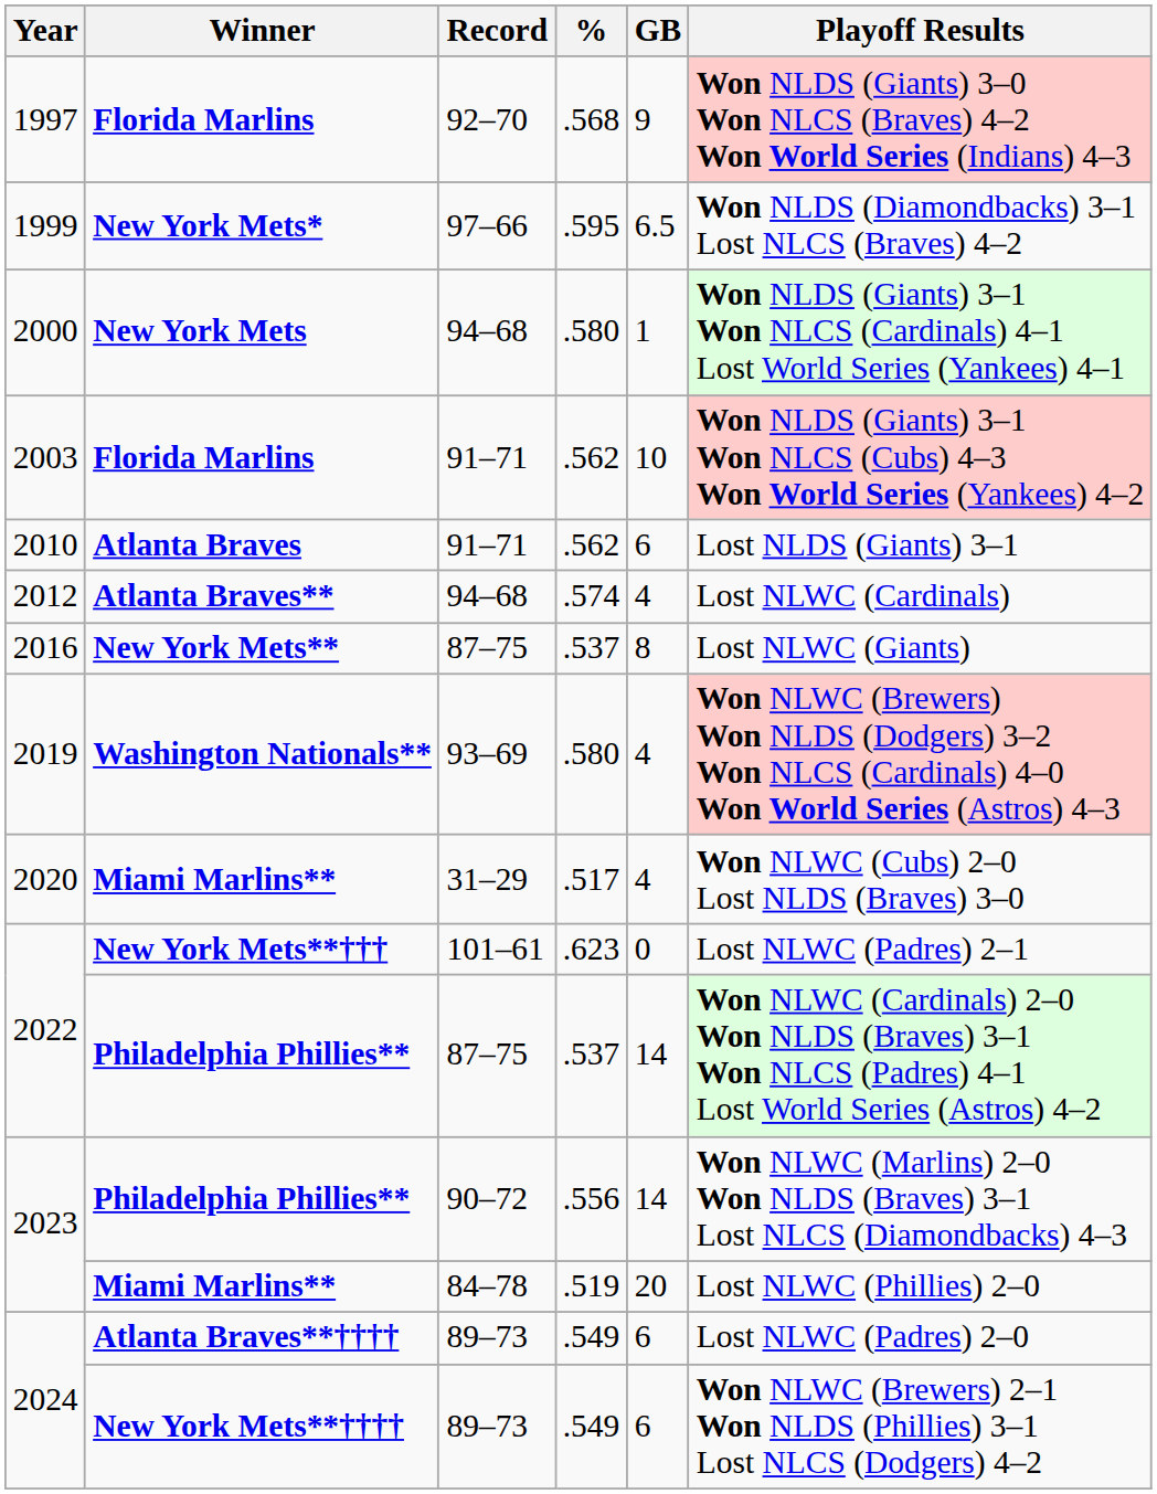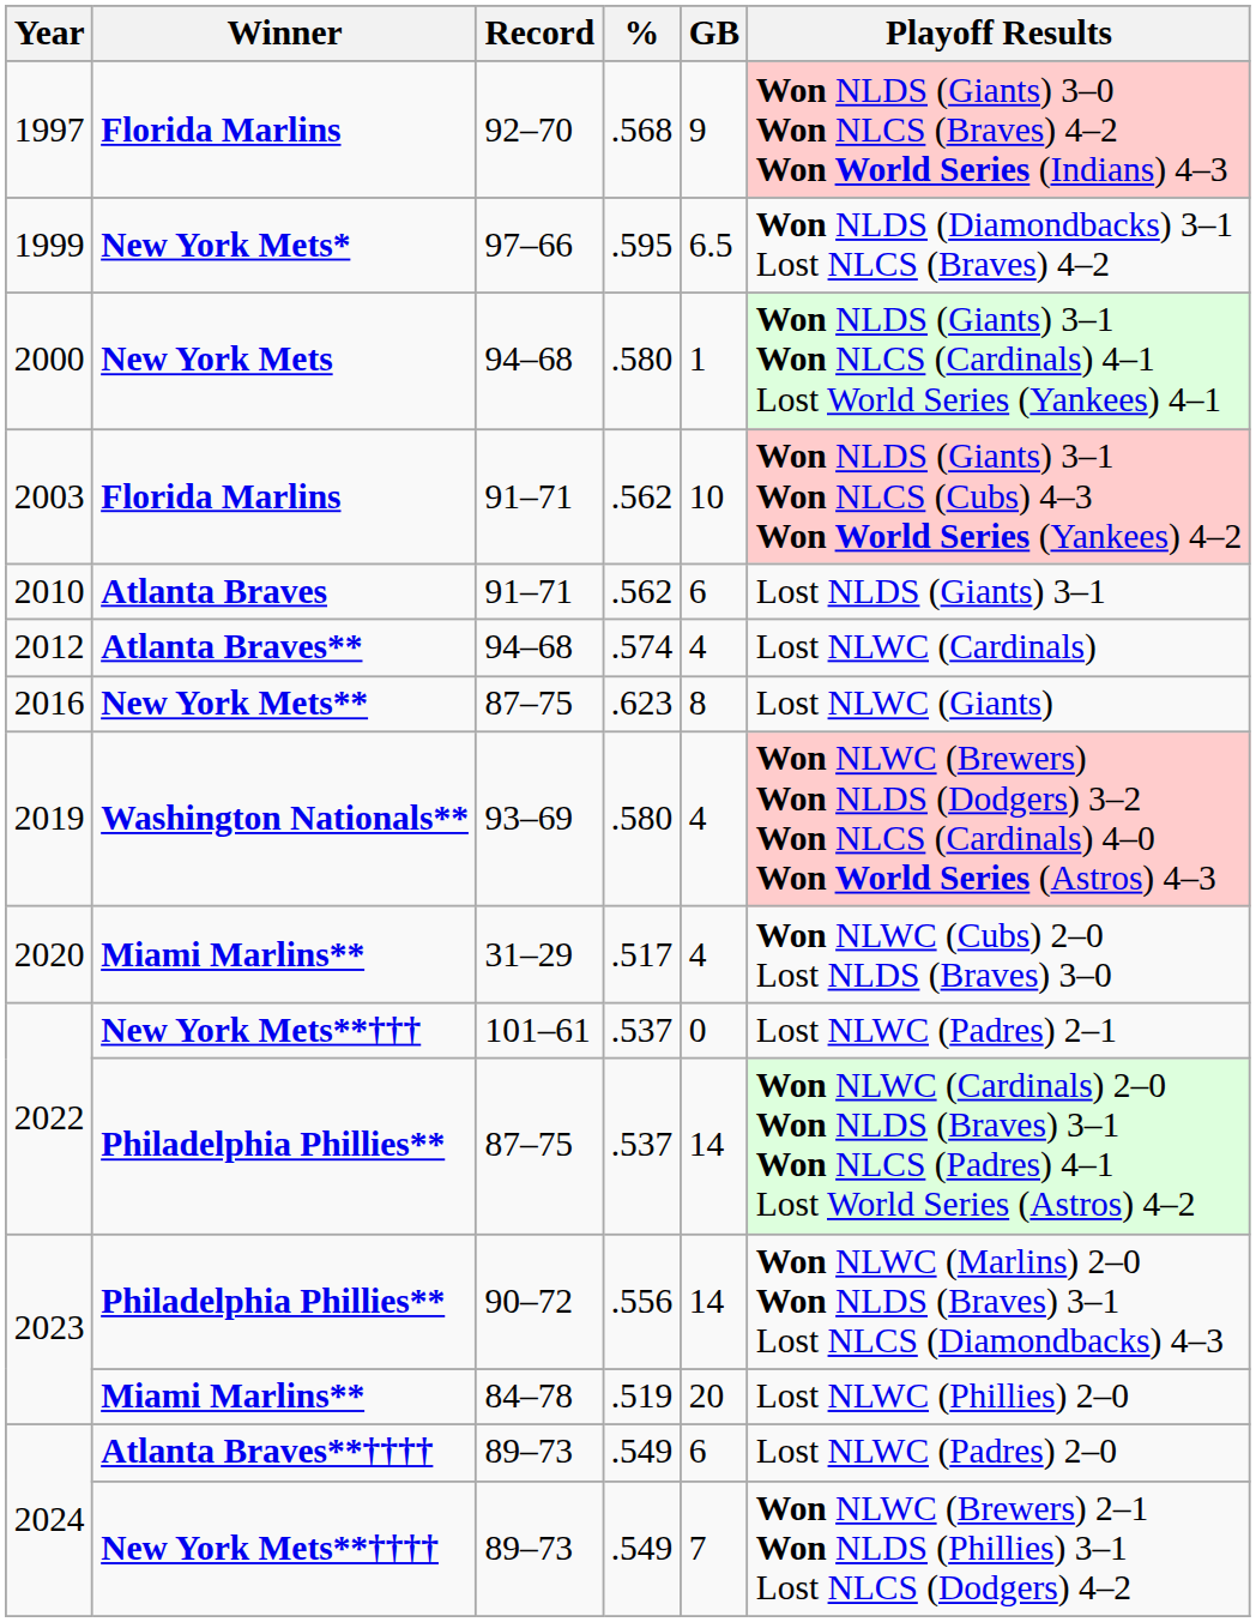 <table class="wikitable">
 <tr>
 <th>Year</th>
 <th>Winner</th>
 <th>Record</th>
 <th>%</th>
 <th>GB</th>
 <th>Playoff Results</th>
 </tr>
 <tr>
 <td>1997</td>
 <td><strong><a href='#'><span>Florida Marlins</span></a></strong></td>
 <td>92–70</td>
 <td>.568</td>
 <td>9</td>
 <td bgcolor="#ffcccc"><strong>Won</strong> <a href='#'>NLDS</a> (<a href='#'>Giants</a>) 3–0<br><strong>Won</strong> <a href='#'>NLCS</a> (<a href='#'>Braves</a>) 4–2<br><strong>Won <a href='#'>World Series</a></strong> (<a href='#'>Indians</a>) 4–3</td>
 </tr>
 <tr>
 <td>1999</td>
 <td><strong><a href='#'><span>New York Mets*</span></a></strong></td>
 <td>97–66</td>
 <td>.595</td>
 <td>6.5</td>
 <td><strong>Won</strong> <a href='#'>NLDS</a> (<a href='#'>Diamondbacks</a>) 3–1<br>Lost <a href='#'>NLCS</a> (<a href='#'>Braves</a>) 4–2</td>
 </tr>
 <tr>
 <td>2000</td>
 <td><strong><a href='#'><span>New York Mets</span></a></strong></td>
 <td>94–68</td>
 <td>.580</td>
 <td>1</td>
 <td bgcolor="#ddffdd"><strong>Won</strong> <a href='#'>NLDS</a> (<a href='#'>Giants</a>) 3–1<br><strong>Won</strong> <a href='#'>NLCS</a> (<a href='#'>Cardinals</a>) 4–1<br>Lost <a href='#'>World Series</a> (<a href='#'>Yankees</a>) 4–1</td>
 </tr>
 <tr>
 <td>2003</td>
 <td><strong><a href='#'><span>Florida Marlins</span></a></strong></td>
 <td>91–71</td>
 <td>.562</td>
 <td>10</td>
 <td bgcolor="#ffcccc"><strong>Won</strong> <a href='#'>NLDS</a> (<a href='#'>Giants</a>) 3–1<br><strong>Won</strong> <a href='#'>NLCS</a> (<a href='#'>Cubs</a>) 4–3<br><strong>Won <a href='#'>World Series</a></strong> (<a href='#'>Yankees</a>) 4–2</td>
 </tr>
 <tr>
 <td>2010</td>
 <td><strong><a href='#'><span>Atlanta Braves</span></a></strong></td>
 <td>91–71</td>
 <td>.562</td>
 <td>6</td>
 <td>Lost <a href='#'>NLDS</a> (<a href='#'>Giants</a>) 3–1</td>
 </tr>
 <tr>
 <td>2012</td>
 <td><strong><a href='#'><span>Atlanta Braves**</span></a></strong></td>
 <td>94–68</td>
 <td>.574</td>
 <td>4</td>
 <td>Lost <a href='#'>NLWC</a> (<a href='#'>Cardinals</a>)</td>
 </tr>
 <tr>
 <td>2016</td>
 <td><strong><a href='#'><span>New York Mets**</span></a></strong></td>
 <td>87–75</td>
-<td>.537</td>
+<td>.623</td>
 <td>8</td>
 <td>Lost <a href='#'>NLWC</a> (<a href='#'>Giants</a>)</td>
 </tr>
 <tr>
 <td>2019</td>
 <td><strong><a href='#'><span>Washington Nationals**</span></a></strong></td>
 <td>93–69</td>
 <td>.580</td>
 <td>4</td>
 <td bgcolor="#ffcccc"><strong>Won</strong> <a href='#'>NLWC</a> (<a href='#'>Brewers</a>)<br><strong>Won</strong> <a href='#'>NLDS</a> (<a href='#'>Dodgers</a>) 3–2<br><strong>Won</strong> <a href='#'>NLCS</a> (<a href='#'>Cardinals</a>) 4–0<br><strong>Won <a href='#'>World Series</a></strong> (<a href='#'>Astros</a>) 4–3</td>
 </tr>
 <tr>
 <td>2020</td>
 <td><strong><a href='#'><span>Miami Marlins**</span></a></strong></td>
 <td>31–29</td>
 <td>.517</td>
 <td>4</td>
 <td><strong>Won</strong> <a href='#'>NLWC</a> (<a href='#'>Cubs</a>) 2–0<br>Lost <a href='#'>NLDS</a> (<a href='#'>Braves</a>) 3–0</td>
 </tr>
 <tr>
 <td rowspan=2>2022</td>
 <td><strong><a href='#'><span>New York Mets**†††</span></a></strong></td>
 <td>101–61</td>
-<td>.623</td>
+<td>.537</td>
 <td>0</td>
 <td>Lost <a href='#'>NLWC</a> (<a href='#'>Padres</a>) 2–1</td>
 </tr>
 <tr>
 <td><strong><a href='#'><span>Philadelphia Phillies**</span></a></strong></td>
 <td>87–75</td>
 <td>.537</td>
 <td>14</td>
 <td bgcolor="#ddffdd"><strong>Won</strong> <a href='#'>NLWC</a> (<a href='#'>Cardinals</a>) 2–0<br><strong>Won</strong> <a href='#'>NLDS</a> (<a href='#'>Braves</a>) 3–1<br><strong>Won</strong> <a href='#'>NLCS</a> (<a href='#'>Padres</a>) 4–1<br>Lost <a href='#'>World Series</a> (<a href='#'>Astros</a>) 4–2</td>
 </tr>
 <tr>
 <td rowspan=2>2023</td>
 <td><strong><a href='#'><span>Philadelphia Phillies**</span></a></strong></td>
 <td>90–72</td>
 <td>.556</td>
 <td>14</td>
 <td><strong>Won</strong> <a href='#'>NLWC</a> (<a href='#'>Marlins</a>) 2–0<br><strong>Won</strong> <a href='#'>NLDS</a> (<a href='#'>Braves</a>) 3–1<br>Lost <a href='#'>NLCS</a> (<a href='#'>Diamondbacks</a>) 4–3</td>
 </tr>
 <tr>
 <td><strong><a href='#'><span>Miami Marlins**</span></a></strong></td>
 <td>84–78</td>
 <td>.519</td>
 <td>20</td>
 <td>Lost <a href='#'>NLWC</a> (<a href='#'>Phillies</a>) 2–0</td>
 </tr>
 <tr>
 <td rowspan=2>2024</td>
 <td><strong><a href='#'><span>Atlanta Braves**††††</span></a></strong></td>
 <td>89–73</td>
 <td>.549</td>
 <td>6</td>
 <td>Lost <a href='#'>NLWC</a> (<a href='#'>Padres</a>) 2–0</td>
 </tr>
 <tr>
 <td><strong><a href='#'><span>New York Mets**††††</span></a></strong></td>
 <td>89–73</td>
 <td>.549</td>
-<td>6</td>
+<td>7</td>
 <td><strong>Won</strong> <a href='#'>NLWC</a> (<a href='#'>Brewers</a>) 2–1<br><strong>Won</strong> <a href='#'>NLDS</a> (<a href='#'>Phillies</a>) 3–1<br>Lost <a href='#'>NLCS</a> (<a href='#'>Dodgers</a>) 4–2</td>
 </tr>
 </table>
